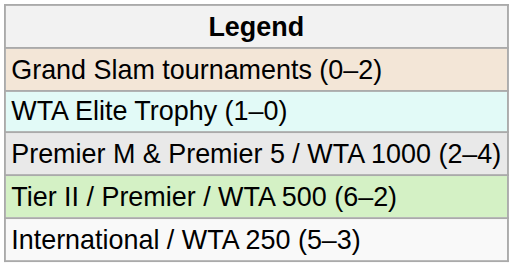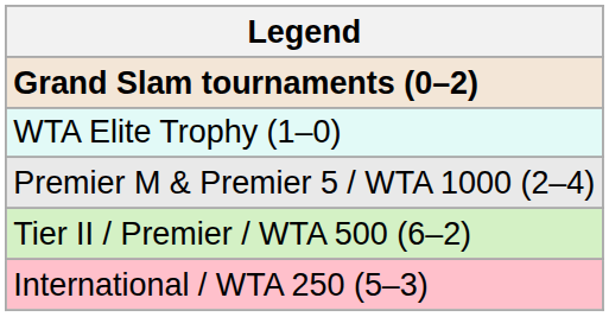 <table class="wikitable" style="font-size:90%">
 <tr>
 <th>Legend</th>
 </tr>
 <tr>
-<td bgcolor=f3e6d7>Grand Slam tournaments (0–2)</td>
+<td bgcolor=f3e6d7><strong>Grand Slam tournaments (0–2)</strong></td>
 </tr>
 <tr>
 <td style="background:#e2faf7;">WTA Elite Trophy (1–0)</td>
 </tr>
 <tr>
 <td bgcolor=e9e9e9>Premier M & Premier 5 / WTA 1000 (2–4)</td>
 </tr>
 <tr>
 <td bgcolor=d4f1c5>Tier II / Premier / WTA 500 (6–2)</td>
 </tr>
 <tr>
-<td>International / WTA 250 (5–3)</td>
+<td style="background: pink;">International / WTA 250 (5–3)</td>
 </tr>
 </table>
